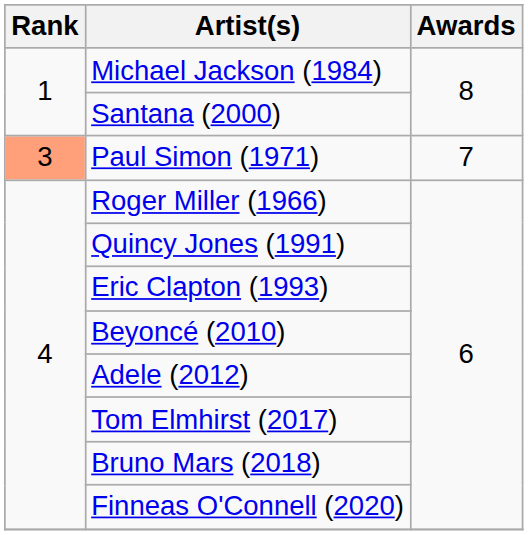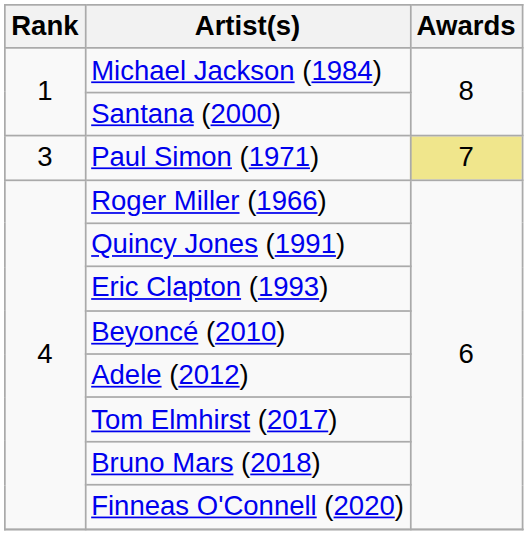 <table class="wikitable" style="text-align: center; cellpadding: 2;">
 <tr>
 <th>Rank</th>
 <th>Artist(s)</th>
 <th>Awards</th>
 </tr>
 <tr>
 <td rowspan="2">1</td>
 <td style="text-align: left;"><a href='#'>Michael Jackson</a> (<a href='#'>1984</a>)</td>
 <td rowspan="2">8</td>
 </tr>
 <tr>
 <td style="text-align: left"><a href='#'>Santana</a> (<a href='#'>2000</a>)</td>
 </tr>
 <tr>
-<td style="background: lightsalmon;">3</td>
+<td>3</td>
 <td style="text-align: left"><a href='#'>Paul Simon</a> (<a href='#'>1971</a>)</td>
-<td>7</td>
+<td style="background: khaki;">7</td>
 </tr>
 <tr>
 <td rowspan="8">4</td>
 <td style="text-align: left;"><a href='#'>Roger Miller</a> (<a href='#'>1966</a>)</td>
 <td rowspan="8">6</td>
 </tr>
 <tr>
 <td style="text-align: left;"><a href='#'>Quincy Jones</a> (<a href='#'>1991</a>)</td>
 </tr>
 <tr>
 <td style="text-align: left;"><a href='#'>Eric Clapton</a> (<a href='#'>1993</a>)</td>
 </tr>
 <tr>
 <td style="text-align: left;"><a href='#'>Beyoncé</a> (<a href='#'>2010</a>)</td>
 </tr>
 <tr>
 <td style="text-align: left;"><a href='#'>Adele</a> (<a href='#'>2012</a>)</td>
 </tr>
 <tr>
 <td style="text-align: left;"><a href='#'>Tom Elmhirst</a> (<a href='#'>2017</a>)</td>
 </tr>
 <tr>
 <td style="text-align: left;"><a href='#'>Bruno Mars</a> (<a href='#'>2018</a>)</td>
 </tr>
 <tr>
 <td style="text-align: left;"><a href='#'>Finneas O'Connell</a> (<a href='#'>2020</a>)</td>
 </tr>
 <tr>
 </tr>
 </table>
